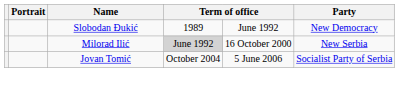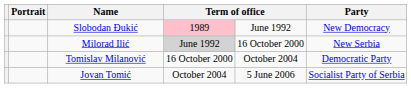 <table class="wikitable" style="text-align:center">
 <tr>
 <th></th>
 <th>Portrait</th>
 <th width=180>Name<br></th>
 <th colspan=2>Term of office</th>
 <th>Party</th>
 </tr>
 <tr>
 <th style="background:"></th>
 <td></td>
 <td><a href='#'>Slobodan Đukić</a><br></td>
-<td>1989</td>
+<td style="background: pink;">1989</td>
 <td>June 1992</td>
 <td><a href='#'>New Democracy</a></td>
 </tr>
 <tr>
 <th style="background:"></th>
 <td></td>
 <td><a href='#'>Milorad Ilić</a><br></td>
 <td style="background: lightgrey;">June 1992</td>
 <td>16 October 2000</td>
 <td><a href='#'>New Serbia</a></td>
 </tr>
 <tr>
 <th style="background:"></th>
 <td></td>
+<td><a href='#'>Tomislav Milanović</a><br></td>
+<td>16 October 2000</td>
+<td>October 2004</td>
+<td><a href='#'>Democratic Party</a></td>
+</tr>
+<tr>
+<th style="background:"></th>
+<td></td>
 <td><a href='#'>Jovan Tomić</a><br></td>
 <td>October 2004</td>
 <td>5 June 2006</td>
 <td><a href='#'>Socialist Party of Serbia</a></td>
 </tr>
 </table>
